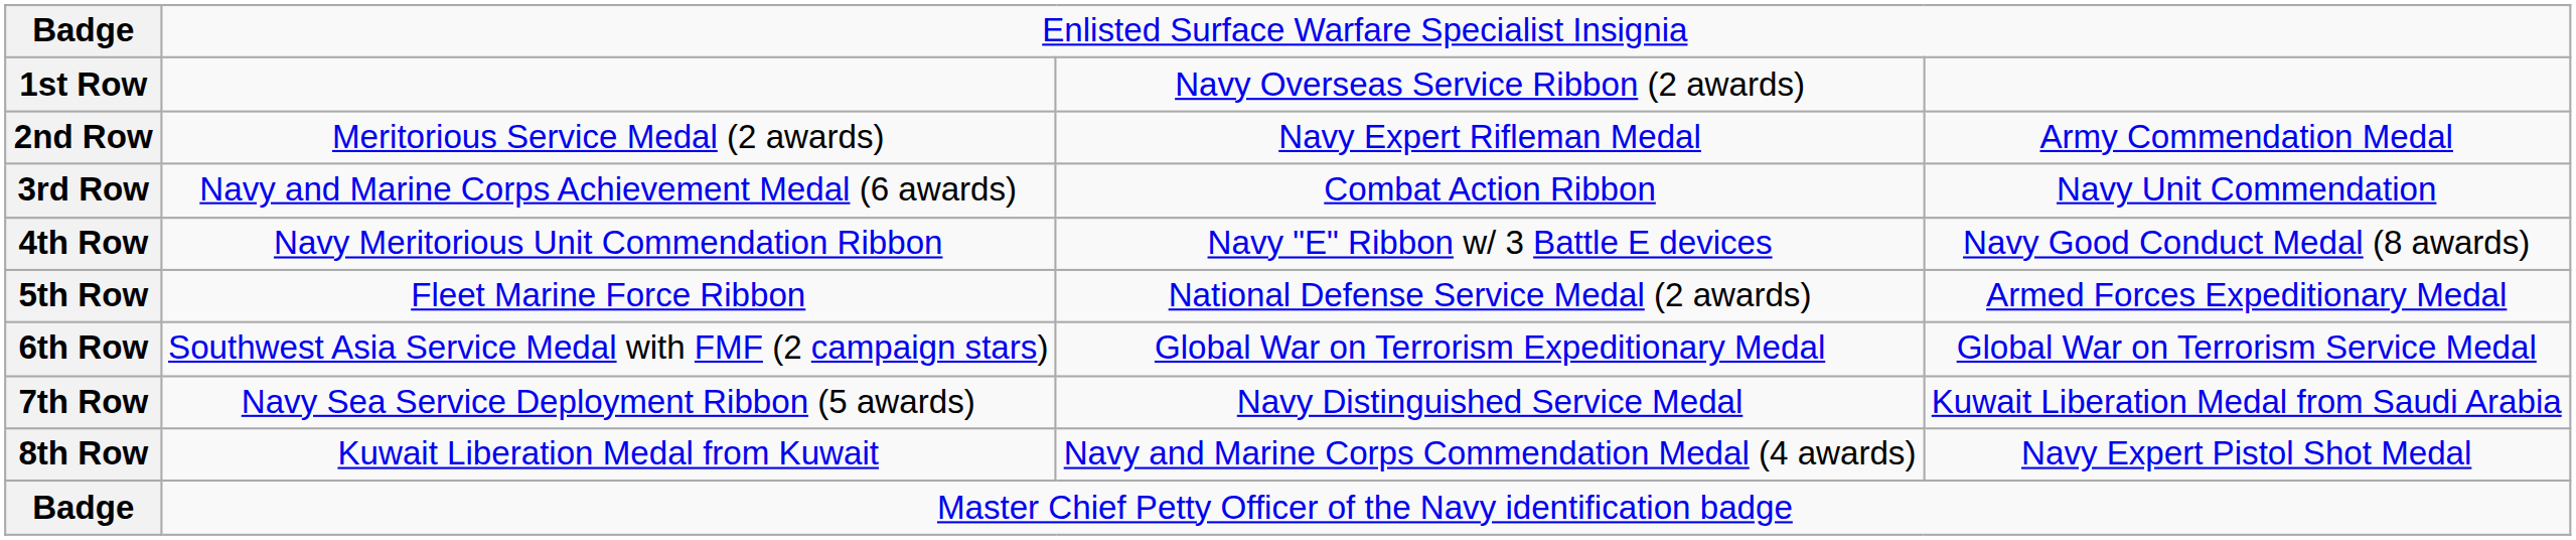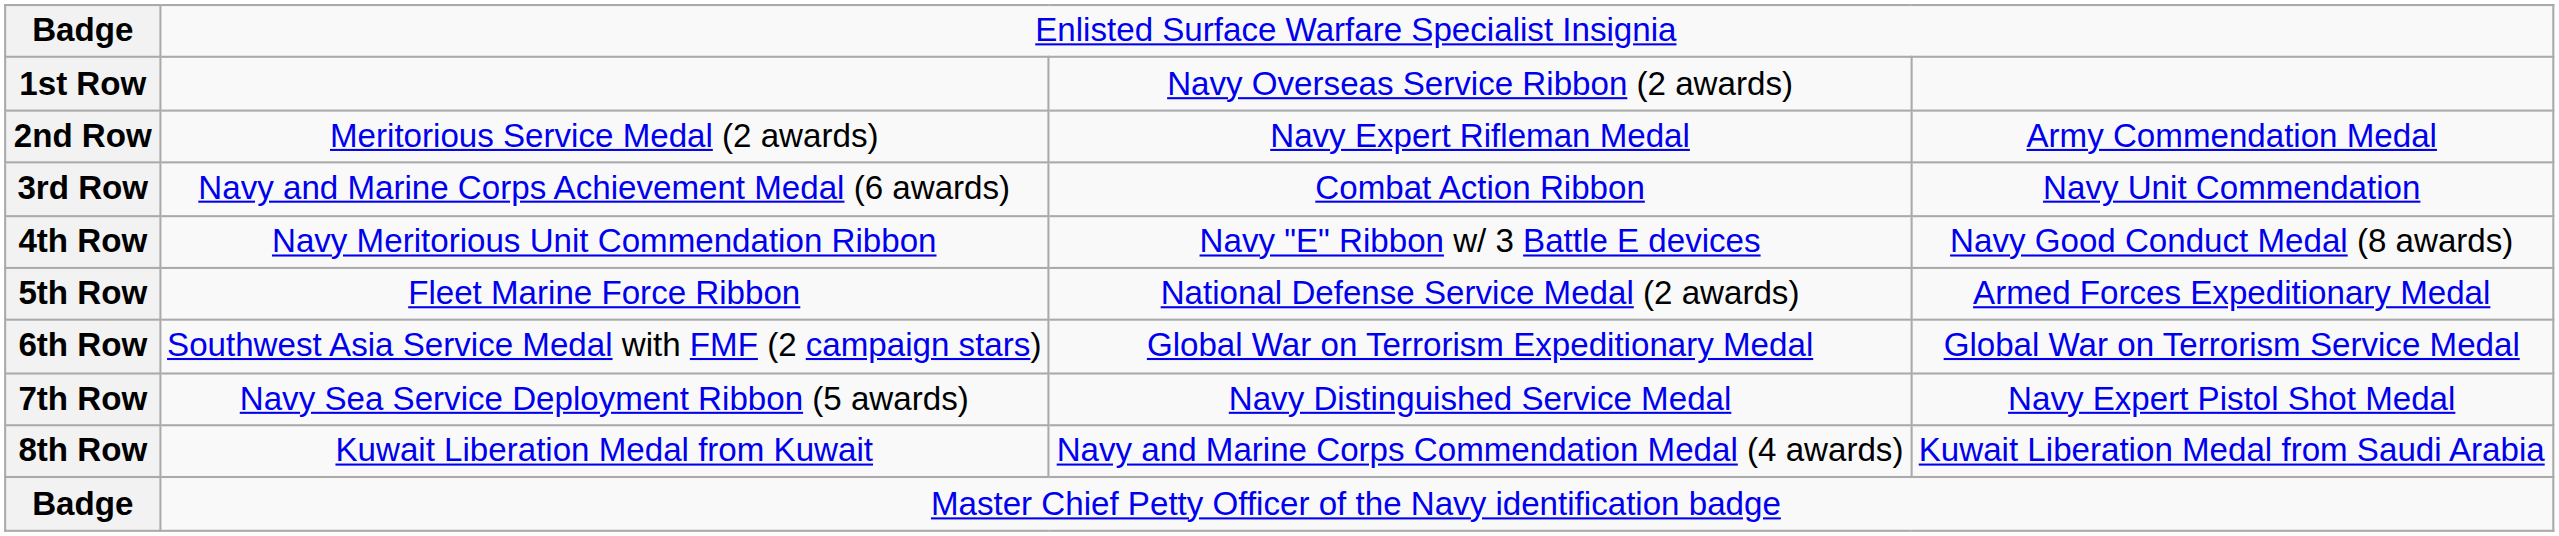 <table class="wikitable" style="margin:1em auto; text-align:center;">
 <tr>
 <th>Badge</th>
 <td align=center colspan="3"><a href='#'>Enlisted Surface Warfare Specialist Insignia</a></td>
 </tr>
 <tr>
 <th>1st Row</th>
 <td></td>
 <td><a href='#'>Navy Overseas Service Ribbon</a> (2 awards)</td>
 <td></td>
 </tr>
 <tr>
 <th>2nd Row</th>
 <td><a href='#'>Meritorious Service Medal</a> (2 awards)</td>
 <td><a href='#'>Navy Expert Rifleman Medal</a></td>
 <td><a href='#'>Army Commendation Medal</a></td>
 </tr>
 <tr>
 <th>3rd Row</th>
 <td><a href='#'>Navy and Marine Corps Achievement Medal</a> (6 awards)</td>
 <td><a href='#'>Combat Action Ribbon</a></td>
 <td><a href='#'>Navy Unit Commendation</a></td>
 </tr>
 <tr>
 <th>4th Row</th>
 <td><a href='#'>Navy Meritorious Unit Commendation Ribbon</a></td>
 <td><a href='#'>Navy "E" Ribbon</a> w/ 3 <a href='#'>Battle E devices</a></td>
 <td><a href='#'>Navy Good Conduct Medal</a> (8 awards)</td>
 </tr>
 <tr>
 <th>5th Row</th>
 <td><a href='#'>Fleet Marine Force Ribbon</a></td>
 <td><a href='#'>National Defense Service Medal</a> (2 awards)</td>
 <td><a href='#'>Armed Forces Expeditionary Medal</a></td>
 </tr>
 <tr>
 <th>6th Row</th>
 <td><a href='#'>Southwest Asia Service Medal</a> with <a href='#'>FMF</a> (2 <a href='#'>campaign stars</a>)</td>
 <td><a href='#'>Global War on Terrorism Expeditionary Medal</a></td>
 <td><a href='#'>Global War on Terrorism Service Medal</a></td>
 </tr>
 <tr>
 <th>7th Row</th>
 <td><a href='#'>Navy Sea Service Deployment Ribbon</a> (5 awards)</td>
 <td><a href='#'>Navy Distinguished Service Medal</a></td>
-<td><a href='#'>Kuwait Liberation Medal from Saudi Arabia</a></td>
+<td><a href='#'>Navy Expert Pistol Shot Medal</a></td>
 </tr>
 <tr>
 <th>8th Row</th>
 <td><a href='#'>Kuwait Liberation Medal from Kuwait</a></td>
 <td><a href='#'>Navy and Marine Corps Commendation Medal</a> (4 awards)</td>
-<td><a href='#'>Navy Expert Pistol Shot Medal</a></td>
+<td><a href='#'>Kuwait Liberation Medal from Saudi Arabia</a></td>
 </tr>
 <tr>
 <th>Badge</th>
 <td align=center colspan="3"><a href='#'>Master Chief Petty Officer of the Navy identification badge</a></td>
 </tr>
 </table>
